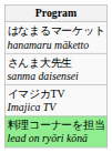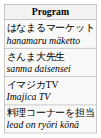 <table class="wikitable">
 <tr>
 <th>Program</th>
 </tr>
 <tr>
 <td>はなまるマーケット<br><em>hanamaru māketto</em></td>
 </tr>
 <tr>
 <td>さんま大先生<br><em>sanma daisensei</em></td>
 </tr>
 <tr>
 <td>イマジカTV<br><em>Imajica TV</em></td>
 </tr>
 <tr>
-<td style="background: lightgreen;">料理コーナーを担当<br><em>lead on ryōri kōnā</em></td>
+<td>料理コーナーを担当<br><em>lead on ryōri kōnā</em></td>
 </tr>
 </table>
